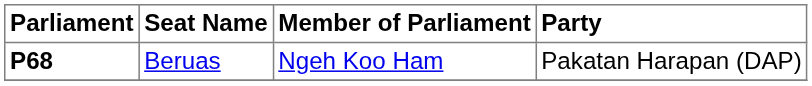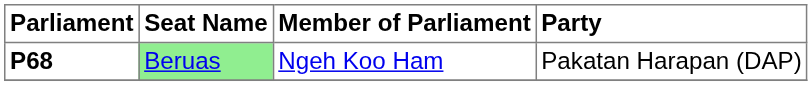 <table class="toccolours sortable" border="1" cellpadding="3" style="border-collapse:collapse; text-align: left;">
 <tr>
 <th align="center">Parliament</th>
 <th>Seat Name</th>
 <th>Member of Parliament</th>
 <th>Party</th>
 </tr>
 <tr>
 <th align="left">P68</th>
-<td><a href='#'>Beruas</a></td>
+<td style="background: lightgreen;"><a href='#'>Beruas</a></td>
 <td><a href='#'>Ngeh Koo Ham</a></td>
 <td>Pakatan Harapan (DAP)</td>
 </tr>
 <tr>
 </tr>
 </table>
